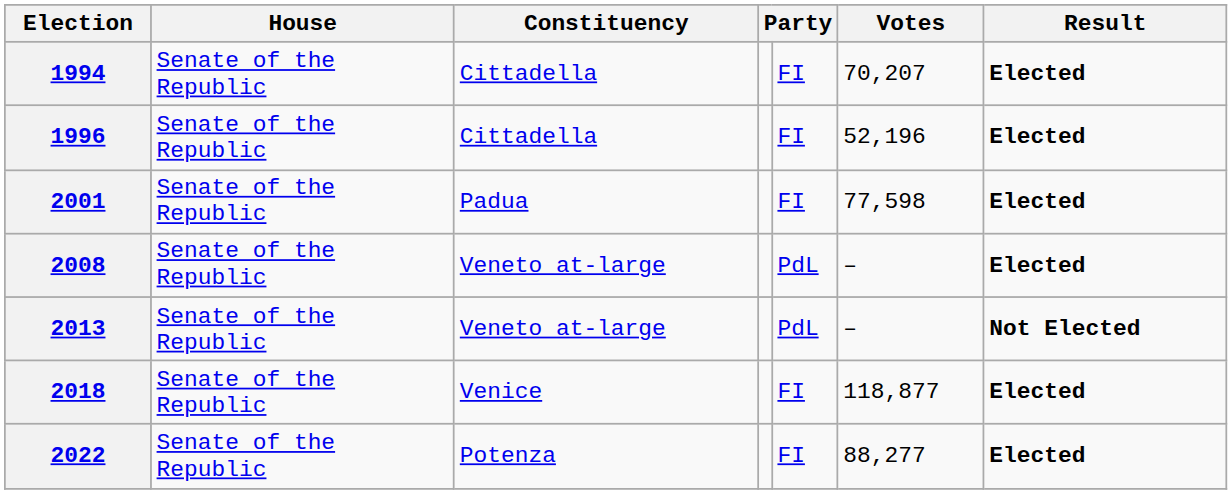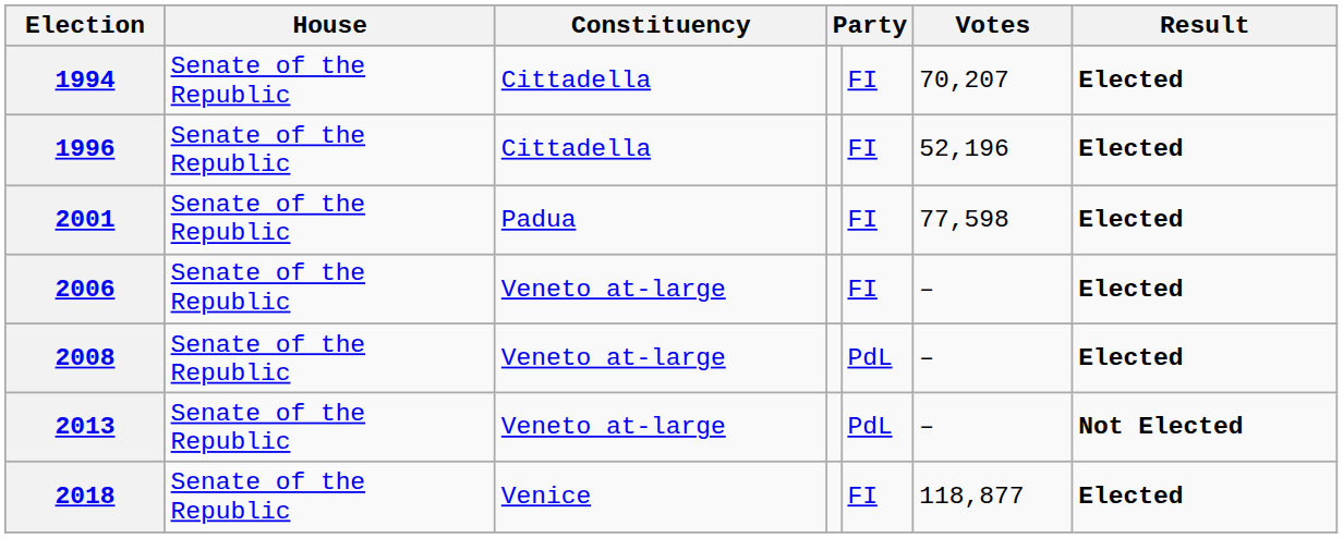 <table class=wikitable style="width:55%; border:1px #AAAAFF solid">
 <tr>
 <th width=12%>Election</th>
 <th width=25%>House</th>
 <th width=25%>Constituency</th>
 <th width=5% colspan="2">Party</th>
 <th width=12%>Votes</th>
 <th width=20%>Result</th>
 </tr>
 <tr>
 <th><a href='#'>1994</a></th>
 <td><a href='#'>Senate of the Republic</a></td>
 <td><a href='#'>Cittadella</a></td>
 <td></td>
 <td><a href='#'>FI</a></td>
 <td>70,207</td>
 <td> <strong>Elected</strong></td>
 </tr>
 <tr>
 <th><a href='#'>1996</a></th>
 <td><a href='#'>Senate of the Republic</a></td>
 <td><a href='#'>Cittadella</a></td>
 <td></td>
 <td><a href='#'>FI</a></td>
 <td>52,196</td>
 <td> <strong>Elected</strong></td>
 </tr>
 <tr>
 <th><a href='#'>2001</a></th>
 <td><a href='#'>Senate of the Republic</a></td>
 <td><a href='#'>Padua</a></td>
 <td></td>
 <td><a href='#'>FI</a></td>
 <td>77,598</td>
 <td> <strong>Elected</strong></td>
 </tr>
 <tr>
+<th><a href='#'>2006</a></th>
+<td><a href='#'>Senate of the Republic</a></td>
+<td><a href='#'>Veneto at-large</a></td>
+<td></td>
+<td><a href='#'>FI</a></td>
+<td>–</td>
+<td> <strong>Elected</strong></td>
+</tr>
+<tr>
 <th><a href='#'>2008</a></th>
 <td><a href='#'>Senate of the Republic</a></td>
 <td><a href='#'>Veneto at-large</a></td>
 <td></td>
 <td><a href='#'>PdL</a></td>
 <td>–</td>
 <td> <strong>Elected</strong></td>
 </tr>
 <tr>
 <th><a href='#'>2013</a></th>
 <td><a href='#'>Senate of the Republic</a></td>
 <td><a href='#'>Veneto at-large</a></td>
 <td></td>
 <td><a href='#'>PdL</a></td>
 <td>–</td>
 <td> <strong>Not Elected</strong></td>
 </tr>
 <tr>
 <th><a href='#'>2018</a></th>
 <td><a href='#'>Senate of the Republic</a></td>
 <td><a href='#'>Venice</a></td>
 <td></td>
 <td><a href='#'>FI</a></td>
 <td>118,877</td>
 <td> <strong>Elected</strong></td>
 </tr>
-<tr>
-<th><a href='#'>2022</a></th>
-<td><a href='#'>Senate of the Republic</a></td>
-<td><a href='#'>Potenza</a></td>
-<td></td>
-<td><a href='#'>FI</a></td>
-<td>88,277</td>
-<td> <strong>Elected</strong></td>
-</tr>
 </table>
